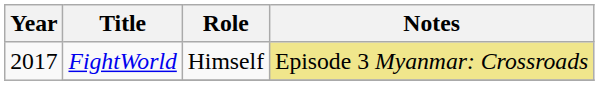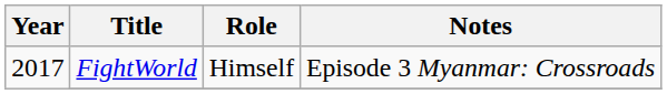 <table class="wikitable sortable">
 <tr>
 <th>Year</th>
 <th>Title</th>
 <th>Role</th>
 <th class="unsortable">Notes</th>
 </tr>
 <tr>
 <td rowspan=2>2017</td>
 <td><em><a href='#'>FightWorld</a></em></td>
 <td>Himself</td>
-<td style="background: khaki;">Episode 3 <em> Myanmar: Crossroads</em> </td>
+<td>Episode 3 <em> Myanmar: Crossroads</em> </td>
 </tr>
 <tr>
 </tr>
 </table>
